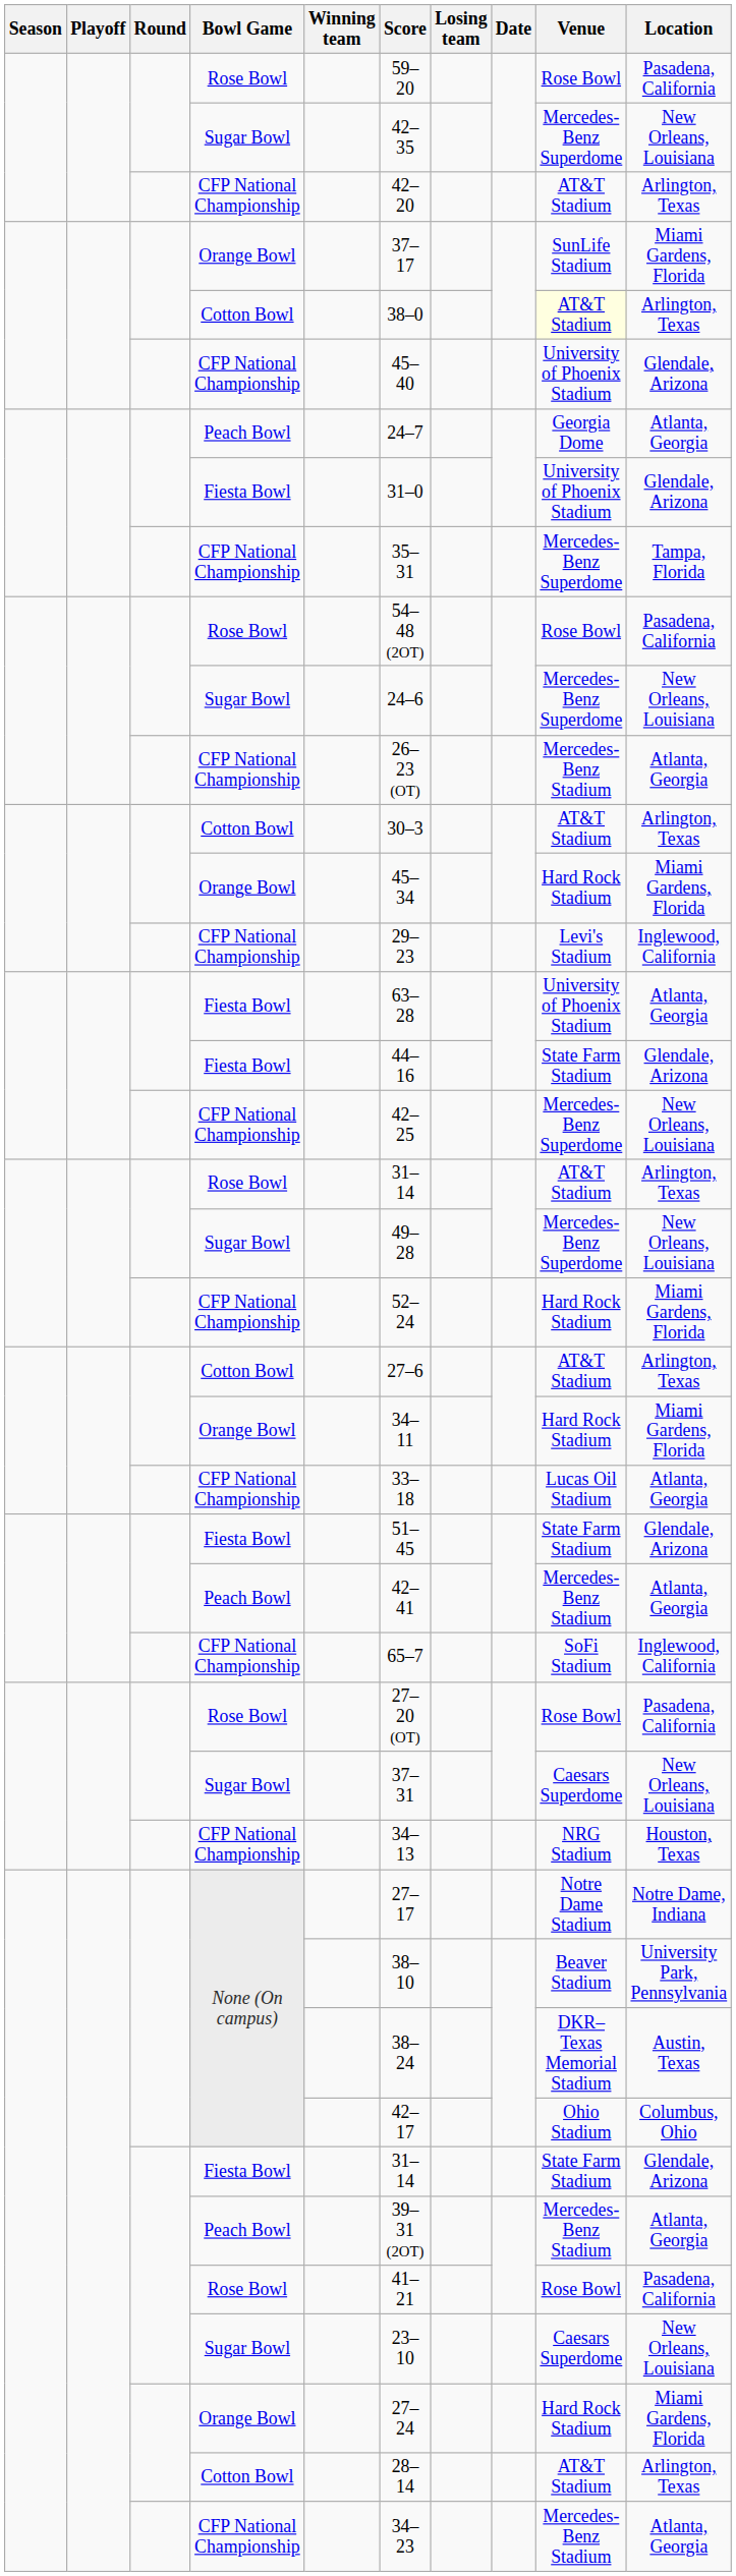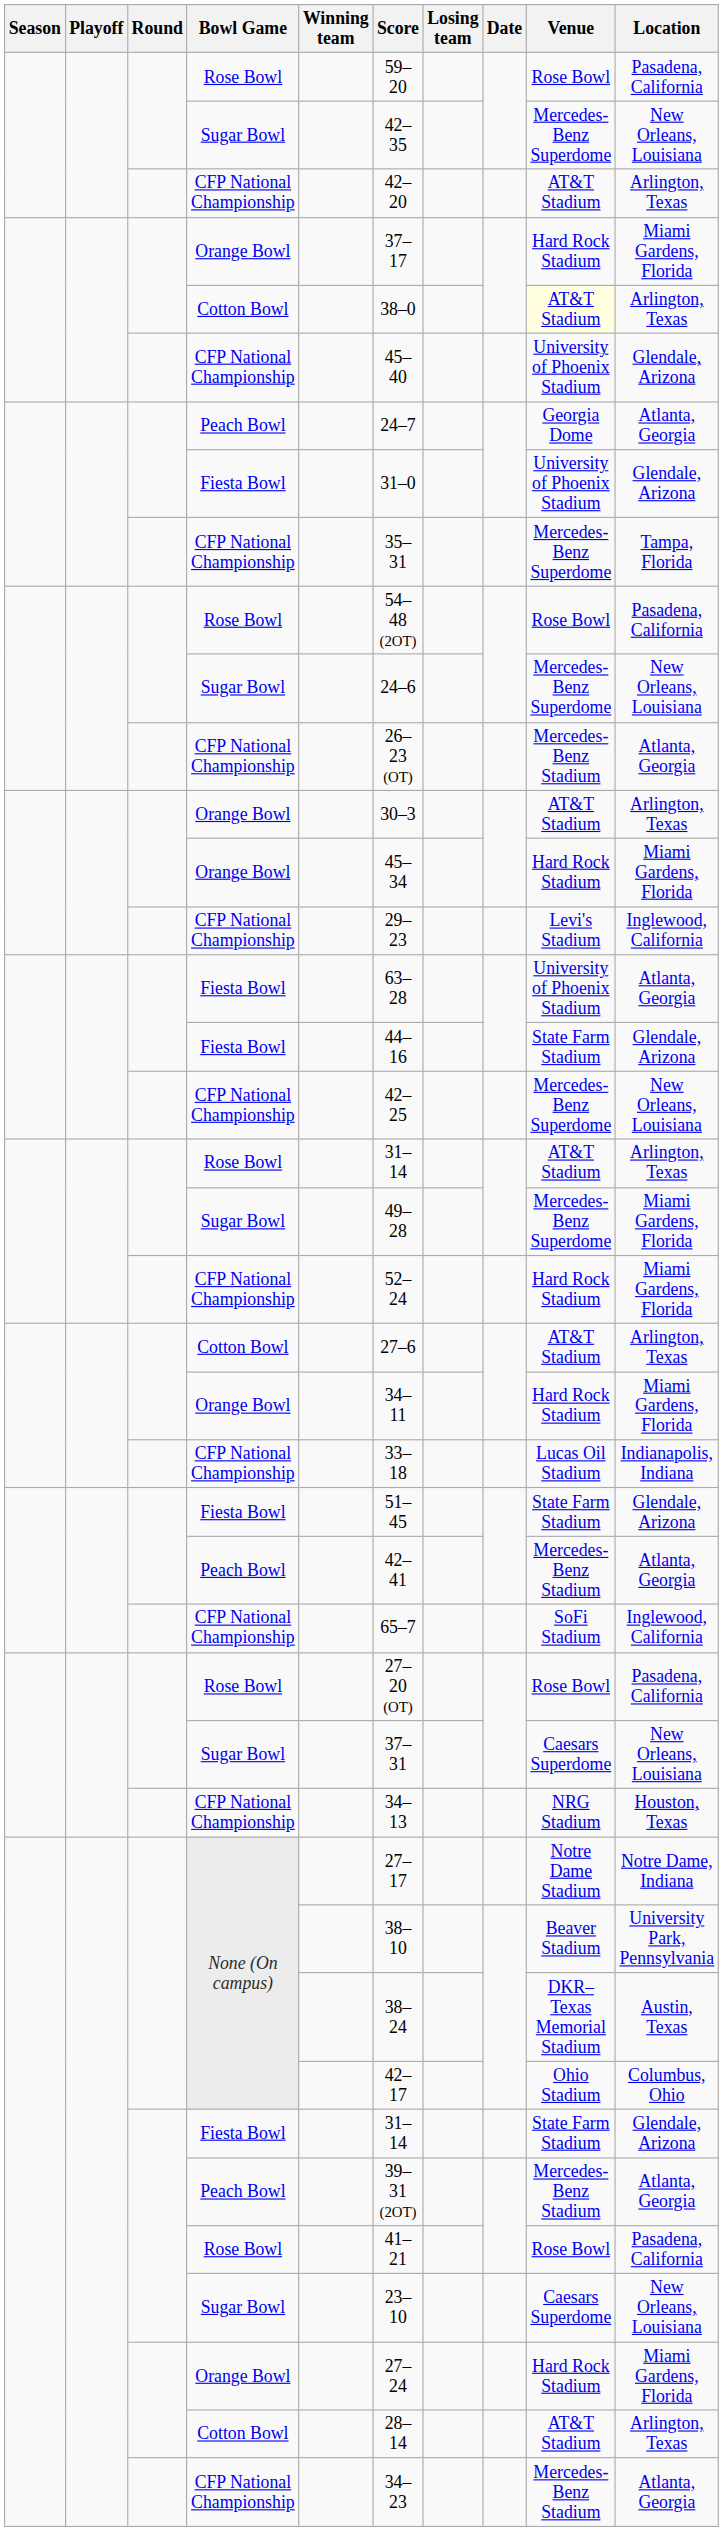 <table class="wikitable sortable" style="font-size:100%; text-align: center;">
 <tr>
 <th>Season</th>
 <th>Playoff</th>
 <th>Round</th>
 <th>Bowl Game</th>
 <th>Winning team</th>
 <th>Score</th>
 <th>Losing team</th>
 <th>Date</th>
 <th>Venue</th>
 <th>Location</th>
 </tr>
 <tr>
 <td rowspan="3"></td>
 <td rowspan="3"></td>
 <td rowspan="2"></td>
 <td><a href='#'>Rose Bowl</a></td>
 <td></td>
 <td>59–20</td>
 <td></td>
 <td rowspan="2"></td>
 <td><a href='#'>Rose Bowl</a></td>
 <td><a href='#'>Pasadena, California</a></td>
 </tr>
 <tr>
 <td><a href='#'>Sugar Bowl</a></td>
 <td></td>
 <td>42–35</td>
 <td></td>
 <td><a href='#'>Mercedes-Benz Superdome</a></td>
 <td><a href='#'>New Orleans, Louisiana</a></td>
 </tr>
 <tr>
 <td></td>
 <td><a href='#'>CFP National Championship</a></td>
 <td></td>
 <td>42–20</td>
 <td></td>
 <td></td>
 <td><a href='#'>AT&T Stadium</a></td>
 <td><a href='#'>Arlington, Texas</a></td>
 </tr>
 <tr>
 <td rowspan="3"></td>
 <td rowspan="3"></td>
 <td rowspan="2"></td>
 <td><a href='#'>Orange Bowl</a></td>
 <td></td>
 <td>37–17</td>
 <td></td>
 <td rowspan="2"></td>
-<td><a href='#'>SunLife Stadium</a></td>
+<td><a href='#'>Hard Rock Stadium</a></td>
 <td><a href='#'>Miami Gardens, Florida</a></td>
 </tr>
 <tr>
 <td><a href='#'>Cotton Bowl</a></td>
 <td></td>
 <td>38–0</td>
 <td></td>
 <td style="background: lightyellow;"><a href='#'>AT&T Stadium</a></td>
 <td><a href='#'>Arlington, Texas</a></td>
 </tr>
 <tr>
 <td></td>
 <td><a href='#'>CFP National Championship</a></td>
 <td></td>
 <td>45–40</td>
 <td></td>
 <td></td>
 <td><a href='#'>University of Phoenix Stadium</a></td>
 <td><a href='#'>Glendale, Arizona</a></td>
 </tr>
 <tr>
 <td rowspan="3"></td>
 <td rowspan="3"></td>
 <td rowspan="2"></td>
 <td><a href='#'>Peach Bowl</a></td>
 <td></td>
 <td>24–7</td>
 <td></td>
 <td rowspan="2"></td>
 <td><a href='#'>Georgia Dome</a></td>
 <td><a href='#'>Atlanta, Georgia</a></td>
 </tr>
 <tr>
 <td><a href='#'>Fiesta Bowl</a></td>
 <td></td>
 <td>31–0</td>
 <td></td>
 <td><a href='#'>University of Phoenix Stadium</a></td>
 <td><a href='#'>Glendale, Arizona</a></td>
 </tr>
 <tr>
 <td></td>
 <td><a href='#'>CFP National Championship</a></td>
 <td></td>
 <td>35–31</td>
 <td></td>
 <td></td>
 <td><a href='#'>Mercedes-Benz Superdome</a></td>
 <td><a href='#'>Tampa, Florida</a></td>
 </tr>
 <tr>
 <td rowspan="3"></td>
 <td rowspan="3"></td>
 <td rowspan="2"></td>
 <td><a href='#'>Rose Bowl</a></td>
 <td></td>
 <td>54–48 <small>(2OT)</small></td>
 <td></td>
 <td rowspan="2"></td>
 <td><a href='#'>Rose Bowl</a></td>
 <td><a href='#'>Pasadena, California</a></td>
 </tr>
 <tr>
 <td><a href='#'>Sugar Bowl</a></td>
 <td></td>
 <td>24–6</td>
 <td></td>
 <td><a href='#'>Mercedes-Benz Superdome</a></td>
 <td><a href='#'>New Orleans, Louisiana</a></td>
 </tr>
 <tr>
 <td></td>
 <td><a href='#'>CFP National Championship</a></td>
 <td></td>
 <td>26–23 <small>(OT)</small></td>
 <td></td>
 <td></td>
 <td><a href='#'>Mercedes-Benz Stadium</a></td>
 <td><a href='#'>Atlanta, Georgia</a></td>
 </tr>
 <tr>
 <td rowspan="3"></td>
 <td rowspan="3"></td>
 <td rowspan="2"></td>
-<td><a href='#'>Cotton Bowl</a></td>
+<td><a href='#'>Orange Bowl</a></td>
 <td></td>
 <td>30–3</td>
 <td></td>
 <td rowspan="2"></td>
 <td><a href='#'>AT&T Stadium</a></td>
 <td><a href='#'>Arlington, Texas</a></td>
 </tr>
 <tr>
 <td><a href='#'>Orange Bowl</a></td>
 <td></td>
 <td>45–34</td>
 <td></td>
 <td><a href='#'>Hard Rock Stadium</a></td>
 <td><a href='#'>Miami Gardens, Florida</a></td>
 </tr>
 <tr>
 <td></td>
 <td><a href='#'>CFP National Championship</a></td>
 <td></td>
 <td>29–23</td>
 <td></td>
 <td></td>
 <td><a href='#'>Levi's Stadium</a></td>
 <td><a href='#'>Inglewood, California</a></td>
 </tr>
 <tr>
 <td rowspan="3"></td>
 <td rowspan="3"></td>
 <td rowspan="2"></td>
 <td><a href='#'>Fiesta Bowl</a></td>
 <td></td>
 <td>63–28</td>
 <td></td>
 <td rowspan="2"></td>
 <td><a href='#'>University of Phoenix Stadium</a></td>
 <td><a href='#'>Atlanta, Georgia</a></td>
 </tr>
 <tr>
 <td><a href='#'>Fiesta Bowl</a></td>
 <td></td>
 <td>44–16</td>
 <td></td>
 <td><a href='#'>State Farm Stadium</a></td>
 <td><a href='#'>Glendale, Arizona</a></td>
 </tr>
 <tr>
 <td></td>
 <td><a href='#'>CFP National Championship</a></td>
 <td></td>
 <td>42–25</td>
 <td></td>
 <td></td>
 <td><a href='#'>Mercedes-Benz Superdome</a></td>
 <td><a href='#'>New Orleans, Louisiana</a></td>
 </tr>
 <tr>
 <td rowspan="3"></td>
 <td rowspan="3"></td>
 <td rowspan="2"></td>
 <td><a href='#'>Rose Bowl</a></td>
 <td></td>
 <td>31–14</td>
 <td></td>
 <td rowspan="2"></td>
 <td><a href='#'>AT&T Stadium</a></td>
 <td><a href='#'>Arlington, Texas</a></td>
 </tr>
 <tr>
 <td><a href='#'>Sugar Bowl</a></td>
 <td></td>
 <td>49–28</td>
 <td></td>
 <td><a href='#'>Mercedes-Benz Superdome</a></td>
-<td><a href='#'>New Orleans, Louisiana</a></td>
+<td><a href='#'>Miami Gardens, Florida</a></td>
 </tr>
 <tr>
 <td></td>
 <td><a href='#'>CFP National Championship</a></td>
 <td></td>
 <td>52–24</td>
 <td></td>
 <td></td>
 <td><a href='#'>Hard Rock Stadium</a></td>
 <td><a href='#'>Miami Gardens, Florida</a></td>
 </tr>
 <tr>
 <td rowspan="3"></td>
 <td rowspan="3"></td>
 <td rowspan="2"></td>
 <td><a href='#'>Cotton Bowl</a></td>
 <td></td>
 <td>27–6</td>
 <td></td>
 <td rowspan="2"></td>
 <td><a href='#'>AT&T Stadium</a></td>
 <td><a href='#'>Arlington, Texas</a></td>
 </tr>
 <tr>
 <td><a href='#'>Orange Bowl</a></td>
 <td></td>
 <td>34–11</td>
 <td></td>
 <td><a href='#'>Hard Rock Stadium</a></td>
 <td><a href='#'>Miami Gardens, Florida</a></td>
 </tr>
 <tr>
 <td></td>
 <td><a href='#'>CFP National Championship</a></td>
 <td></td>
 <td>33–18</td>
 <td></td>
 <td></td>
 <td><a href='#'>Lucas Oil Stadium</a></td>
-<td><a href='#'>Atlanta, Georgia</a></td>
+<td><a href='#'>Indianapolis, Indiana</a></td>
 </tr>
 <tr>
 <td rowspan="3"></td>
 <td rowspan="3"></td>
 <td rowspan="2"></td>
 <td><a href='#'>Fiesta Bowl</a></td>
 <td></td>
 <td>51–45</td>
 <td></td>
 <td rowspan="2"></td>
 <td><a href='#'>State Farm Stadium</a></td>
 <td><a href='#'>Glendale, Arizona</a></td>
 </tr>
 <tr>
 <td><a href='#'>Peach Bowl</a></td>
 <td></td>
 <td>42–41</td>
 <td></td>
 <td><a href='#'>Mercedes-Benz Stadium</a></td>
 <td><a href='#'>Atlanta, Georgia</a></td>
 </tr>
 <tr>
 <td></td>
 <td><a href='#'>CFP National Championship</a></td>
 <td></td>
 <td>65–7</td>
 <td></td>
 <td></td>
 <td><a href='#'>SoFi Stadium</a></td>
 <td><a href='#'>Inglewood, California</a></td>
 </tr>
 <tr>
 <td rowspan="3"></td>
 <td rowspan="3"></td>
 <td rowspan="2"></td>
 <td><a href='#'>Rose Bowl</a></td>
 <td></td>
 <td>27–20 <small>(OT)</small></td>
 <td></td>
 <td rowspan="2"></td>
 <td><a href='#'>Rose Bowl</a></td>
 <td><a href='#'>Pasadena, California</a></td>
 </tr>
 <tr>
 <td><a href='#'>Sugar Bowl</a></td>
 <td></td>
 <td>37–31</td>
 <td></td>
 <td><a href='#'>Caesars Superdome</a></td>
 <td><a href='#'>New Orleans, Louisiana</a></td>
 </tr>
 <tr>
 <td></td>
 <td><a href='#'>CFP National Championship</a></td>
 <td></td>
 <td>34–13</td>
 <td></td>
 <td></td>
 <td><a href='#'>NRG Stadium</a></td>
 <td><a href='#'>Houston, Texas</a></td>
 </tr>
 <tr>
 <td rowspan="11"></td>
 <td rowspan="11"></td>
 <td rowspan="4"></td>
 <td rowspan="4" data-sort-value="" style="background: #ececec; color: #2C2C2C; vertical-align: middle; text-align: center; " class="table-na"><em>None (On campus)</em></td>
 <td></td>
 <td>27–17</td>
 <td></td>
 <td></td>
 <td><a href='#'>Notre Dame Stadium</a></td>
 <td><a href='#'>Notre Dame, Indiana</a></td>
 </tr>
 <tr>
 <td></td>
 <td>38–10</td>
 <td></td>
 <td rowspan="3"></td>
 <td><a href='#'>Beaver Stadium</a></td>
 <td><a href='#'>University Park, Pennsylvania</a></td>
 </tr>
 <tr>
 <td></td>
 <td>38–24</td>
 <td></td>
 <td><a href='#'>DKR–Texas Memorial Stadium</a></td>
 <td><a href='#'>Austin, Texas</a></td>
 </tr>
 <tr>
 <td></td>
 <td>42–17</td>
 <td></td>
 <td><a href='#'>Ohio Stadium</a></td>
 <td><a href='#'>Columbus, Ohio</a></td>
 </tr>
 <tr>
 <td rowspan="4"></td>
 <td><a href='#'>Fiesta Bowl</a></td>
 <td></td>
 <td>31–14</td>
 <td></td>
 <td></td>
 <td><a href='#'>State Farm Stadium</a></td>
 <td><a href='#'>Glendale, Arizona</a></td>
 </tr>
 <tr>
 <td><a href='#'>Peach Bowl</a></td>
 <td></td>
 <td>39–31 <small>(2OT)</small></td>
 <td></td>
 <td rowspan="2"></td>
 <td><a href='#'>Mercedes-Benz Stadium</a></td>
 <td><a href='#'>Atlanta, Georgia</a></td>
 </tr>
 <tr>
 <td><a href='#'>Rose Bowl</a></td>
 <td></td>
 <td>41–21</td>
 <td></td>
 <td><a href='#'>Rose Bowl</a></td>
 <td><a href='#'>Pasadena, California</a></td>
 </tr>
 <tr>
 <td><a href='#'>Sugar Bowl</a></td>
 <td></td>
 <td>23–10</td>
 <td></td>
 <td></td>
 <td><a href='#'>Caesars Superdome</a></td>
 <td><a href='#'>New Orleans, Louisiana</a></td>
 </tr>
 <tr>
 <td rowspan="2"></td>
 <td><a href='#'>Orange Bowl</a><br></td>
 <td></td>
 <td>27–24</td>
 <td></td>
 <td></td>
 <td><a href='#'>Hard Rock Stadium</a></td>
 <td><a href='#'>Miami Gardens, Florida</a></td>
 </tr>
 <tr>
 <td><a href='#'>Cotton Bowl</a><br></td>
 <td></td>
 <td>28–14</td>
 <td></td>
 <td></td>
 <td><a href='#'>AT&T Stadium</a></td>
 <td><a href='#'>Arlington, Texas</a></td>
 </tr>
 <tr>
 <td></td>
 <td><a href='#'>CFP National Championship</a></td>
 <td></td>
 <td>34–23</td>
 <td></td>
 <td></td>
 <td><a href='#'>Mercedes-Benz Stadium</a></td>
 <td><a href='#'>Atlanta, Georgia</a></td>
 </tr>
 </table>
